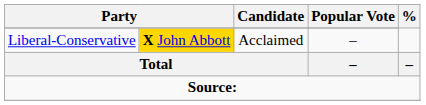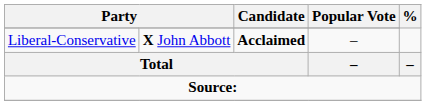 <table class="wikitable">
 <tr>
 <th colspan="2">Party</th>
 <th>Candidate</th>
 <th>Popular Vote</th>
 <th>%</th>
 </tr>
 <tr>
 </tr>
 <tr>
 <td><a href='#'>Liberal-Conservative</a></td>
-<td style="background: gold;"> <strong>X</strong> <a href='#'>John Abbott</a></td>
-<td align=center>Acclaimed</td>
+<td> <strong>X</strong> <a href='#'>John Abbott</a></td>
+<td align=center><strong>Acclaimed</strong></td>
 <td align=center>–</td>
 </tr>
 <tr>
 <th colspan=3 align=center>Total</th>
 <th align=right>–</th>
 <th align=right>–</th>
 </tr>
 <tr>
 <td align="center" colspan=5><strong>Source:</strong> </td>
 </tr>
 <tr>
 </tr>
 </table>
